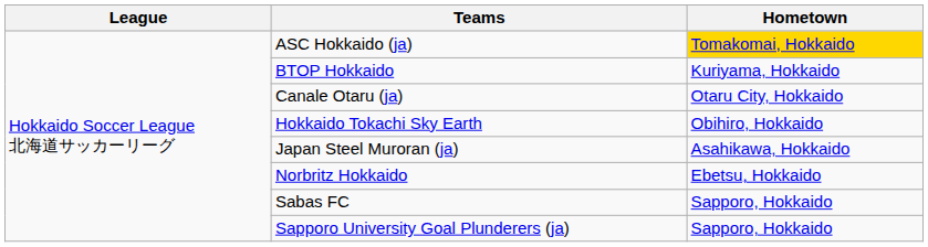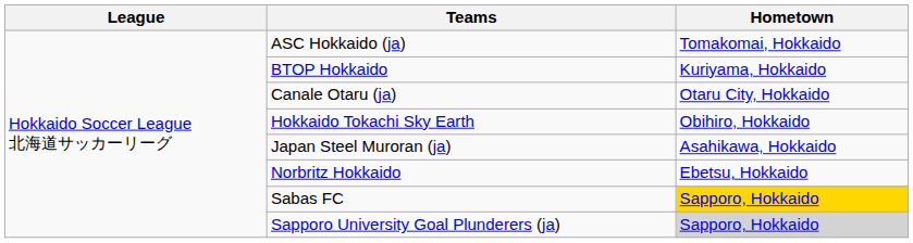 <table class="wikitable" width=100%>
 <tr>
 <th>League</th>
 <th>Teams</th>
 <th>Hometown</th>
 </tr>
 <tr>
 <td rowspan="8"><a href='#'>Hokkaido Soccer League</a><br>北海道サッカーリーグ</td>
 <td>ASC Hokkaido (<a href='#'>ja</a>)</td>
-<td style="background: gold;"><a href='#'>Tomakomai, Hokkaido</a></td>
+<td><a href='#'>Tomakomai, Hokkaido</a></td>
 </tr>
 <tr>
 <td><a href='#'>BTOP Hokkaido</a></td>
 <td><a href='#'>Kuriyama, Hokkaido</a></td>
 </tr>
 <tr>
 <td>Canale Otaru (<a href='#'>ja</a>)</td>
 <td><a href='#'>Otaru City, Hokkaido</a></td>
 </tr>
 <tr>
 <td><a href='#'>Hokkaido Tokachi Sky Earth</a></td>
 <td><a href='#'>Obihiro, Hokkaido</a></td>
 </tr>
 <tr>
 <td>Japan Steel Muroran (<a href='#'>ja</a>) </td>
 <td><a href='#'>Asahikawa, Hokkaido</a></td>
 </tr>
 <tr>
 <td><a href='#'>Norbritz Hokkaido</a></td>
 <td><a href='#'>Ebetsu, Hokkaido</a></td>
 </tr>
 <tr>
 <td>Sabas FC </td>
-<td><a href='#'>Sapporo, Hokkaido</a></td>
+<td style="background: gold;"><a href='#'>Sapporo, Hokkaido</a></td>
 </tr>
 <tr>
 <td><a href='#'>Sapporo University Goal Plunderers</a> (<a href='#'>ja</a>)</td>
-<td><a href='#'>Sapporo, Hokkaido</a></td>
+<td style="background: lightgrey;"><a href='#'>Sapporo, Hokkaido</a></td>
 </tr>
 </table>
